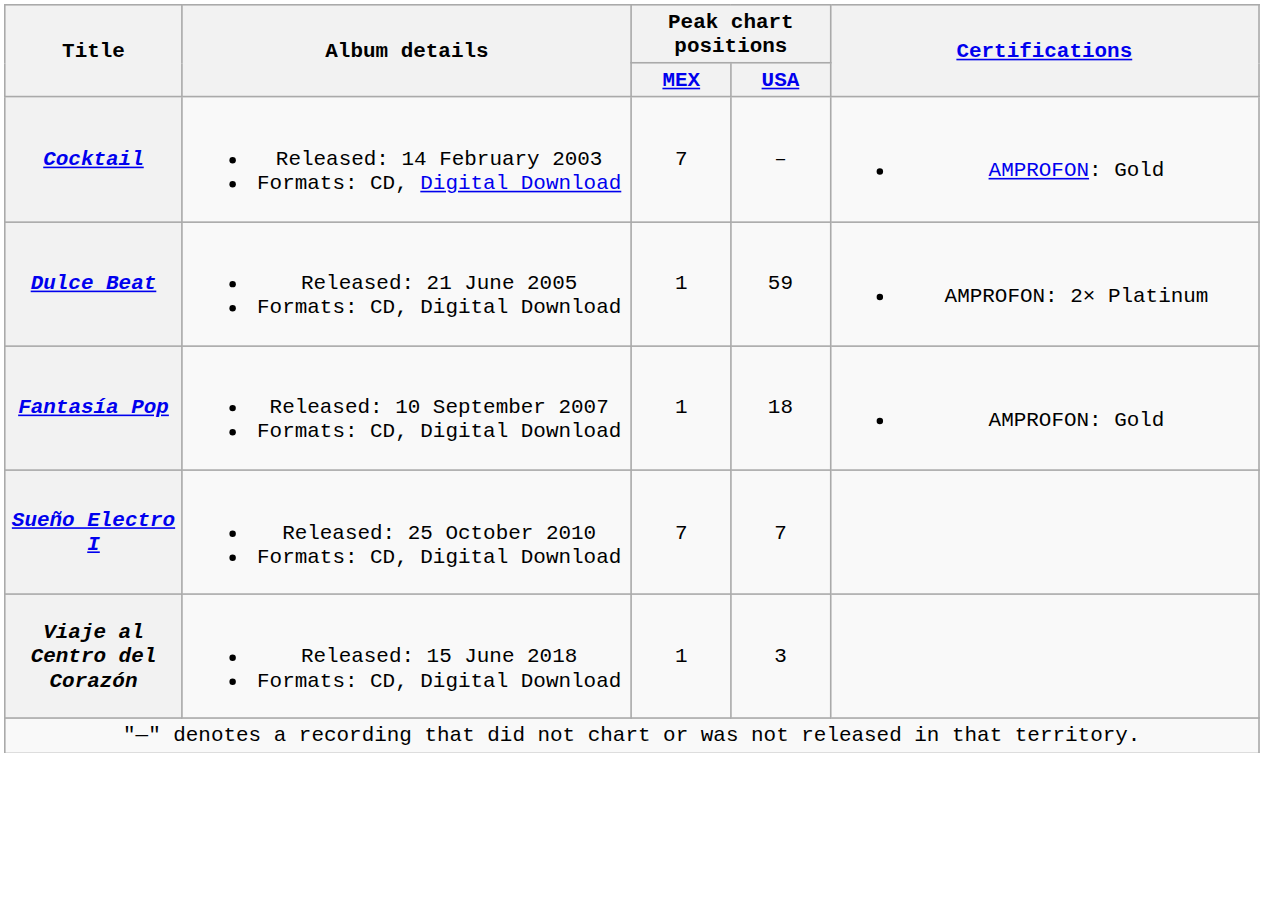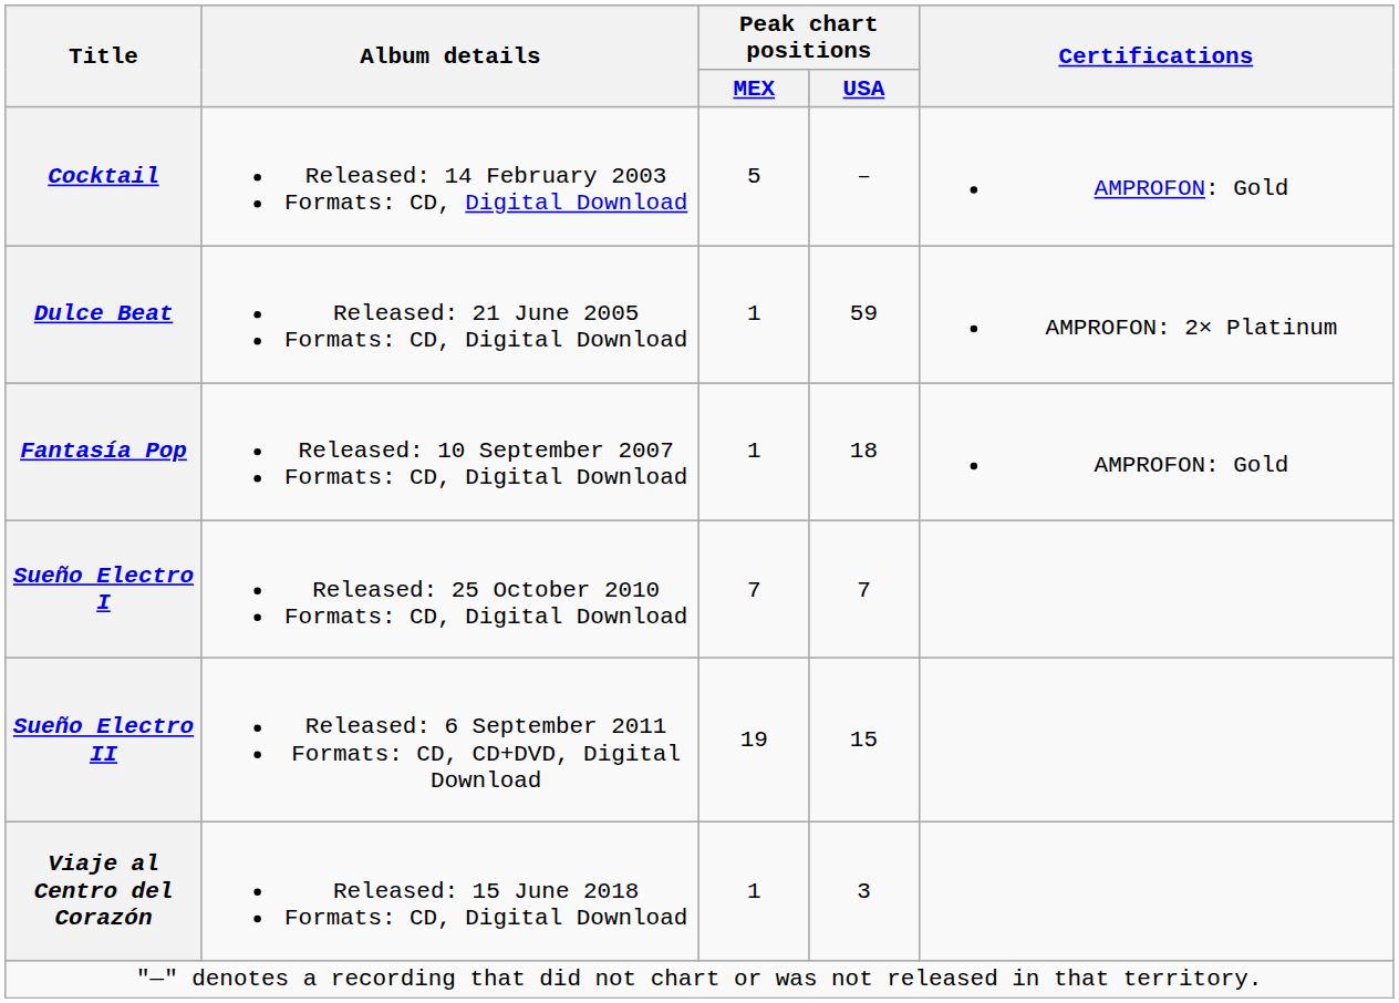 <table class="wikitable plainrowheaders" style="text-align:center;">
 <tr>
 <th rowspan="2" scope="col" style="width:8em;">Title</th>
 <th rowspan="2" scope="col" style="width:21em;">Album details</th>
 <th colspan="2" scope="col" style="width:9em;">Peak chart positions</th>
 <th rowspan="2" scope="col" style="width:20em;"><a href='#'>Certifications</a></th>
 </tr>
 <tr>
 <th width="20"><a href='#'>MEX</a></th>
 <th width="20"><a href='#'>USA</a></th>
 </tr>
 <tr>
 <th scope="row" align="center"><em><a href='#'>Cocktail</a></em></th>
 <td><br><ul><li>Released: 14 February 2003</li><li>Formats: CD, <a href='#'>Digital Download</a></li></ul></td>
-<td align="center">7</td>
+<td align="center">5</td>
 <td align="center">–</td>
 <td><br><ul><li><a href='#'>AMPROFON</a>: Gold</li></ul></td>
 </tr>
 <tr>
 <th scope="row" align="center"><em><a href='#'>Dulce Beat</a></em></th>
 <td><br><ul><li>Released: 21 June 2005</li><li>Formats: CD, Digital Download</li></ul></td>
 <td align="center">1</td>
 <td align="center">59</td>
 <td><br><ul><li>AMPROFON: 2× Platinum</li></ul></td>
 </tr>
 <tr>
 <th scope="row" align="center"><em><a href='#'>Fantasía Pop</a></em></th>
 <td><br><ul><li>Released: 10 September 2007</li><li>Formats: CD, Digital Download</li></ul></td>
 <td align="center">1</td>
 <td align="center">18</td>
 <td><br><ul><li>AMPROFON: Gold</li></ul></td>
 </tr>
 <tr>
 <th scope="row" align="center"><em><a href='#'>Sueño Electro I</a></em></th>
 <td><br><ul><li>Released: 25 October 2010</li><li>Formats: CD, Digital Download</li></ul></td>
 <td align="center">7</td>
 <td align="center">7</td>
 <td></td>
 </tr>
 <tr>
+<th scope="row" align="center"><em><a href='#'>Sueño Electro II</a></em></th>
+<td><br><ul><li>Released: 6 September 2011</li><li>Formats: CD, CD+DVD, Digital Download</li></ul></td>
+<td align="center">19</td>
+<td align="center">15</td>
+<td></td>
+</tr>
+<tr>
 <th scope="row" align="center"><em>Viaje al Centro del Corazón</em></th>
 <td><br><ul><li>Released: 15 June 2018</li><li>Formats: CD, Digital Download</li></ul></td>
 <td align="center">1</td>
 <td align="center">3</td>
 <td></td>
 </tr>
 <tr>
 <td colspan="5">"—" denotes a recording that did not chart or was not released in that territory.<br></td>
 </tr>
 </table>
